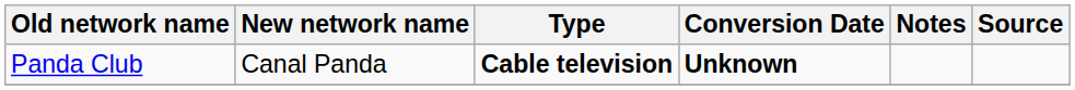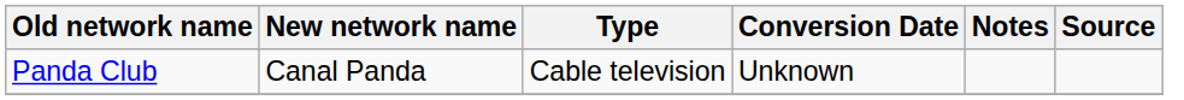 <table class="wikitable">
 <tr>
 <th>Old network name</th>
 <th>New network name</th>
 <th>Type</th>
 <th>Conversion Date</th>
 <th>Notes</th>
 <th>Source</th>
 </tr>
 <tr>
 <td><a href='#'>Panda Club</a></td>
 <td>Canal Panda</td>
-<td><strong>Cable television</strong></td>
-<td><strong>Unknown</strong></td>
+<td>Cable television</td>
+<td>Unknown</td>
 <td></td>
 <td></td>
 </tr>
 <tr>
 </tr>
 </table>
